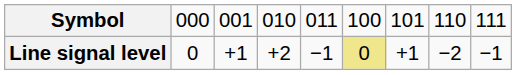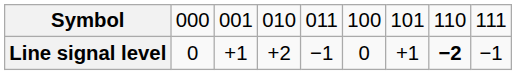 <table class="wikitable" style="text-align: center;">
 <tr>
 <th>Symbol</th>
 <td>000</td>
 <td>001</td>
 <td>010</td>
 <td>011</td>
 <td>100</td>
 <td>101</td>
 <td>110</td>
 <td>111</td>
 </tr>
 <tr>
 <th>Line signal level</th>
 <td>0</td>
 <td>+1</td>
 <td>+2</td>
 <td>−1</td>
-<td style="background: khaki;">0</td>
+<td>0</td>
 <td>+1</td>
-<td>−2</td>
+<td><strong>−2</strong></td>
 <td>−1</td>
 </tr>
 </table>
